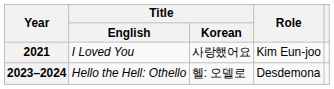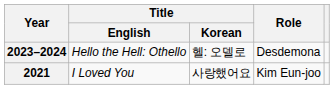 <table class="wikitable plainrowheaders">
 <tr>
 <th scope="col" rowspan="2">Year</th>
 <th scope="col" colspan="2">Title</th>
 <th scope="col" rowspan="2">Role</th>
 <th scope="col" rowspan="2" class="unsortable"></th>
 </tr>
 <tr>
 <th scope="col">English</th>
 <th scope="col">Korean</th>
 </tr>
 <tr>
+<th scope="row">2023–2024</th>
+<td><em>Hello the Hell: Othello</em></td>
+<td>헬: 오델로</td>
+<td>Desdemona</td>
+<td style="text-align:center"></td>
+</tr>
+<tr>
 <th scope="row">2021</th>
 <td><em>I Loved You</em></td>
 <td>사랑했어요</td>
 <td>Kim Eun-joo</td>
 <td style="text-align:center"></td>
 </tr>
-<tr>
-<th scope="row">2023–2024</th>
-<td><em>Hello the Hell: Othello</em></td>
-<td>헬: 오델로</td>
-<td>Desdemona</td>
-<td style="text-align:center"></td>
-</tr>
 </table>
